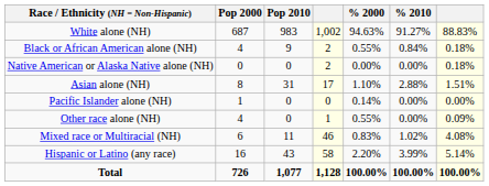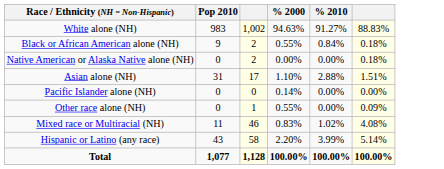 <table class="wikitable" style="text-align:center;">
 <tr>
 <th>Race / Ethnicity <small>(<em>NH = Non-Hispanic</em>)</small></th>
-<th>Pop 2000</th>
 <th>Pop 2010</th>
 <th></th>
 <th>% 2000</th>
 <th>% 2010</th>
 <th></th>
 </tr>
 <tr>
 <td><a href='#'>White</a> alone (NH)</td>
-<td>687</td>
 <td>983</td>
 <td style='background: #ffffe6;'>1,002</td>
 <td>94.63%</td>
 <td>91.27%</td>
 <td style='background: #ffffe6;'>88.83%</td>
 </tr>
 <tr>
 <td><a href='#'>Black or African American</a> alone (NH)</td>
-<td>4</td>
 <td>9</td>
 <td style='background: #ffffe6;'>2</td>
 <td>0.55%</td>
 <td>0.84%</td>
 <td style='background: #ffffe6;'>0.18%</td>
 </tr>
 <tr>
 <td><a href='#'>Native American</a> or <a href='#'>Alaska Native</a> alone (NH)</td>
 <td>0</td>
-<td>0</td>
 <td style='background: #ffffe6;'>2</td>
 <td>0.00%</td>
 <td>0.00%</td>
 <td style='background: #ffffe6;'>0.18%</td>
 </tr>
 <tr>
 <td><a href='#'>Asian</a> alone (NH)</td>
-<td>8</td>
 <td>31</td>
 <td style='background: #ffffe6;'>17</td>
 <td>1.10%</td>
 <td>2.88%</td>
 <td style='background: #ffffe6;'>1.51%</td>
 </tr>
 <tr>
 <td><a href='#'>Pacific Islander</a> alone (NH)</td>
-<td>1</td>
 <td>0</td>
 <td style='background: #ffffe6;'>0</td>
 <td>0.14%</td>
 <td>0.00%</td>
 <td style='background: #ffffe6;'>0.00%</td>
 </tr>
 <tr>
 <td><a href='#'>Other race</a> alone (NH)</td>
-<td>4</td>
 <td>0</td>
 <td style='background: #ffffe6;'>1</td>
 <td>0.55%</td>
 <td>0.00%</td>
 <td style='background: #ffffe6;'>0.09%</td>
 </tr>
 <tr>
 <td><a href='#'>Mixed race or Multiracial</a> (NH)</td>
-<td>6</td>
 <td>11</td>
 <td style='background: #ffffe6;'>46</td>
 <td>0.83%</td>
 <td>1.02%</td>
 <td style='background: #ffffe6;'>4.08%</td>
 </tr>
 <tr>
 <td><a href='#'>Hispanic or Latino</a> (any race)</td>
-<td>16</td>
 <td>43</td>
 <td style='background: #ffffe6;'>58</td>
 <td>2.20%</td>
 <td>3.99%</td>
 <td style='background: #ffffe6;'>5.14%</td>
 </tr>
 <tr>
 <td><strong>Total</strong></td>
-<td><strong>726</strong></td>
 <td><strong>1,077</strong></td>
 <td style='background: #ffffe6;'><strong>1,128</strong></td>
 <td><strong>100.00%</strong></td>
 <td><strong>100.00%</strong></td>
 <td style='background: #ffffe6;'><strong>100.00%</strong></td>
 </tr>
 </table>
